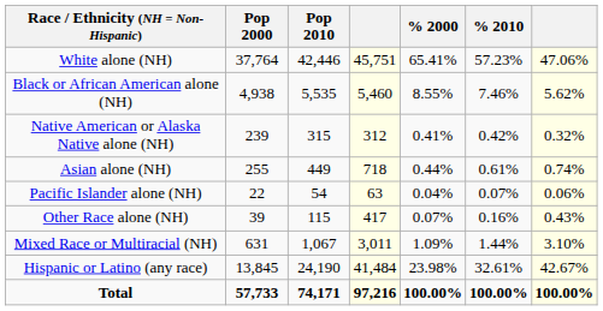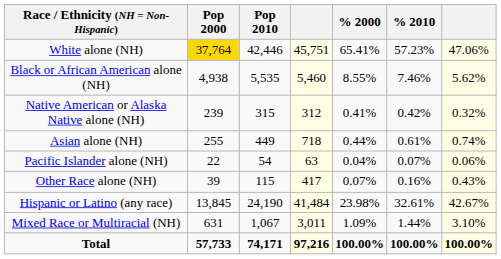 <table class="wikitable" style="text-align:center;">
 <tr>
 <th>Race / Ethnicity <small>(<em>NH = Non-Hispanic</em>)</small></th>
 <th>Pop 2000</th>
 <th>Pop 2010</th>
 <th></th>
 <th>% 2000</th>
 <th>% 2010</th>
 <th></th>
 </tr>
 <tr>
 <td><a href='#'>White</a> alone (NH)</td>
-<td>37,764</td>
+<td style="background: gold;">37,764</td>
 <td>42,446</td>
 <td style='background: #ffffe6;'>45,751</td>
 <td>65.41%</td>
 <td>57.23%</td>
 <td style='background: #ffffe6;'>47.06%</td>
 </tr>
 <tr>
 <td><a href='#'>Black or African American</a> alone (NH)</td>
 <td>4,938</td>
 <td>5,535</td>
 <td style='background: #ffffe6;'>5,460</td>
 <td>8.55%</td>
 <td>7.46%</td>
 <td style='background: #ffffe6;'>5.62%</td>
 </tr>
 <tr>
 <td><a href='#'>Native American</a> or <a href='#'>Alaska Native</a> alone (NH)</td>
 <td>239</td>
 <td>315</td>
 <td style='background: #ffffe6;'>312</td>
 <td>0.41%</td>
 <td>0.42%</td>
 <td style='background: #ffffe6;'>0.32%</td>
 </tr>
 <tr>
 <td><a href='#'>Asian</a> alone (NH)</td>
 <td>255</td>
 <td>449</td>
 <td style='background: #ffffe6;'>718</td>
 <td>0.44%</td>
 <td>0.61%</td>
 <td style='background: #ffffe6;'>0.74%</td>
 </tr>
 <tr>
 <td><a href='#'>Pacific Islander</a> alone (NH)</td>
 <td>22</td>
 <td>54</td>
 <td style='background: #ffffe6;'>63</td>
 <td>0.04%</td>
 <td>0.07%</td>
 <td style='background: #ffffe6;'>0.06%</td>
 </tr>
 <tr>
 <td><a href='#'>Other Race</a> alone (NH)</td>
 <td>39</td>
 <td>115</td>
 <td style='background: #ffffe6;'>417</td>
 <td>0.07%</td>
 <td>0.16%</td>
 <td style='background: #ffffe6;'>0.43%</td>
 </tr>
 <tr>
+<td><a href='#'>Hispanic or Latino</a> (any race)</td>
+<td>13,845</td>
+<td>24,190</td>
+<td style='background: #ffffe6;'>41,484</td>
+<td>23.98%</td>
+<td>32.61%</td>
+<td style='background: #ffffe6;'>42.67%</td>
+</tr>
+<tr>
 <td><a href='#'>Mixed Race or Multiracial</a> (NH)</td>
 <td>631</td>
 <td>1,067</td>
 <td style='background: #ffffe6;'>3,011</td>
 <td>1.09%</td>
 <td>1.44%</td>
 <td style='background: #ffffe6;'>3.10%</td>
-</tr>
-<tr>
-<td><a href='#'>Hispanic or Latino</a> (any race)</td>
-<td>13,845</td>
-<td>24,190</td>
-<td style='background: #ffffe6;'>41,484</td>
-<td>23.98%</td>
-<td>32.61%</td>
-<td style='background: #ffffe6;'>42.67%</td>
 </tr>
 <tr>
 <td><strong>Total</strong></td>
 <td><strong>57,733</strong></td>
 <td><strong>74,171</strong></td>
 <td style='background: #ffffe6;'><strong>97,216</strong></td>
 <td><strong>100.00%</strong></td>
 <td><strong>100.00%</strong></td>
 <td style='background: #ffffe6;'><strong>100.00%</strong></td>
 </tr>
 </table>
